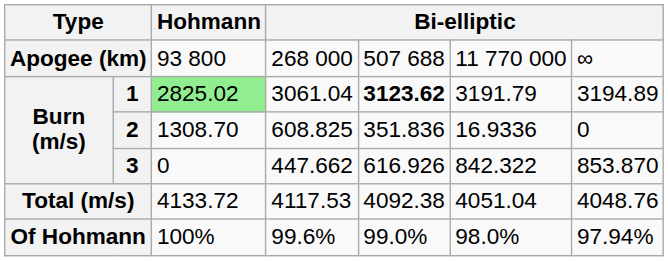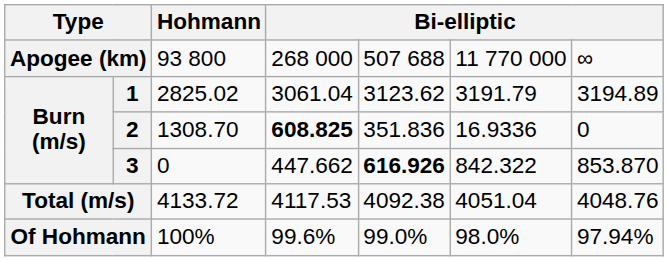 <table class='wikitable'>
 <tr>
 <th colspan=2>Type</th>
 <th>Hohmann</th>
 <th colspan=4>Bi-elliptic</th>
 </tr>
 <tr>
 <th colspan=2>Apogee (km)</th>
 <td>93 800</td>
 <td>268 000</td>
 <td>507 688</td>
 <td>11 770 000</td>
 <td>∞ </td>
 </tr>
 <tr>
 <th rowspan=3>Burn<br>(m/s)</th>
 <th>1</th>
-<td style="background: lightgreen;"> 2825.02</td>
+<td> 2825.02</td>
 <td> 3061.04</td>
-<td><strong> 3123.62</strong></td>
+<td> 3123.62</td>
 <td> 3191.79</td>
 <td> 3194.89</td>
 </tr>
 <tr>
 <th>2</th>
 <td> 1308.70</td>
-<td> 608.825</td>
+<td><strong> 608.825</strong></td>
 <td> 351.836</td>
 <td> 16.9336</td>
 <td> 0</td>
 </tr>
 <tr>
 <th>3</th>
 <td> 0</td>
 <td> 447.662</td>
-<td> 616.926</td>
+<td><strong> 616.926</strong></td>
 <td> 842.322</td>
 <td> 853.870</td>
 </tr>
 <tr>
 <th colspan=2>Total (m/s)</th>
 <td>4133.72</td>
 <td>4117.53</td>
 <td>4092.38</td>
 <td>4051.04</td>
 <td>4048.76</td>
 </tr>
 <tr>
 <th colspan=2>Of Hohmann</th>
 <td>100%</td>
 <td>99.6%</td>
 <td>99.0%</td>
 <td>98.0%</td>
 <td>97.94%</td>
 </tr>
 </table>
